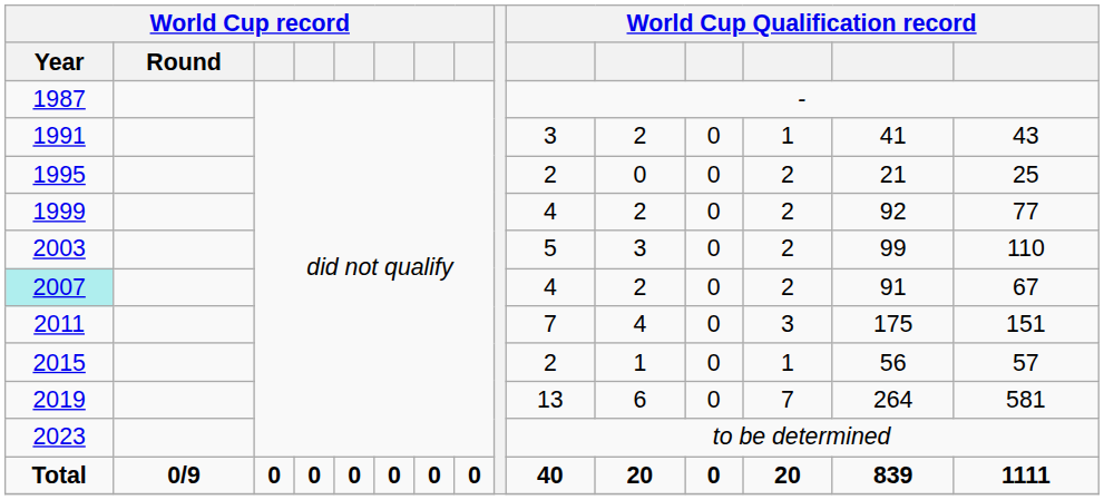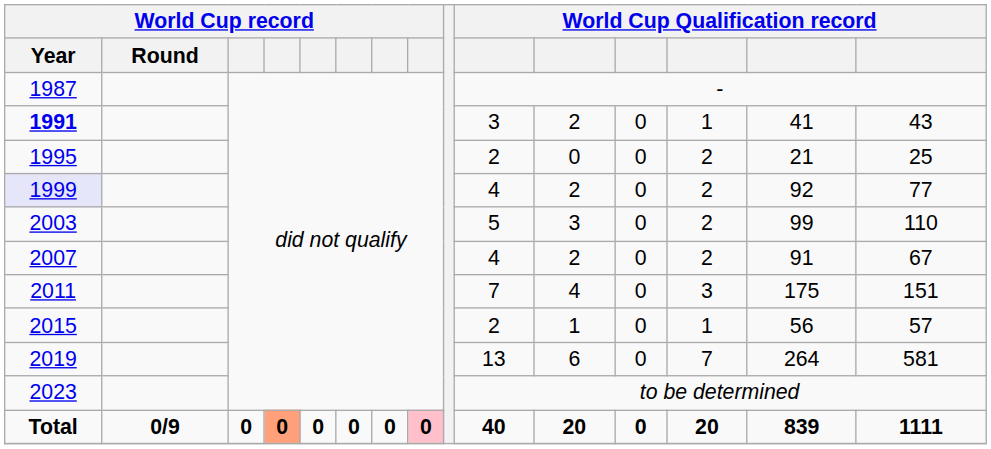 <table class="wikitable" style="text-align:center;">
 <tr>
 <th colspan=8><a href='#'>World Cup record</a></th>
 <th width=1% rowspan=25></th>
 <th colspan=6><a href='#'>World Cup Qualification record</a></th>
 </tr>
 <tr>
 <th>Year</th>
 <th>Round</th>
 <th></th>
 <th></th>
 <th></th>
 <th></th>
 <th></th>
 <th></th>
 <th></th>
 <th></th>
 <th></th>
 <th></th>
 <th></th>
 <th></th>
 </tr>
 <tr>
 <td> <a href='#'>1987</a></td>
 <td></td>
 <td rowspan=10 colspan=7><em>did not qualify</em></td>
 <td colspan=7><em>-</em></td>
 </tr>
 <tr>
-<td> <a href='#'>1991</a></td>
+<td><strong> <a href='#'>1991</a></strong></td>
 <td></td>
 <td>3</td>
 <td>2</td>
 <td>0</td>
 <td>1</td>
 <td>41</td>
 <td>43</td>
 </tr>
 <tr>
 <td> <a href='#'>1995</a></td>
 <td></td>
 <td>2</td>
 <td>0</td>
 <td>0</td>
 <td>2</td>
 <td>21</td>
 <td>25</td>
 </tr>
 <tr>
-<td> <a href='#'>1999</a></td>
+<td style="background: lavender;"> <a href='#'>1999</a></td>
 <td></td>
 <td>4</td>
 <td>2</td>
 <td>0</td>
 <td>2</td>
 <td>92</td>
 <td>77</td>
 </tr>
 <tr>
 <td> <a href='#'>2003</a></td>
 <td></td>
 <td>5</td>
 <td>3</td>
 <td>0</td>
 <td>2</td>
 <td>99</td>
 <td>110</td>
 </tr>
 <tr>
-<td style="background: paleturquoise;"> <a href='#'>2007</a></td>
+<td> <a href='#'>2007</a></td>
 <td></td>
 <td>4</td>
 <td>2</td>
 <td>0</td>
 <td>2</td>
 <td>91</td>
 <td>67</td>
 </tr>
 <tr>
 <td> <a href='#'>2011</a></td>
 <td></td>
 <td>7</td>
 <td>4</td>
 <td>0</td>
 <td>3</td>
 <td>175</td>
 <td>151</td>
 </tr>
 <tr>
 <td> <a href='#'>2015</a></td>
 <td></td>
 <td>2</td>
 <td>1</td>
 <td>0</td>
 <td>1</td>
 <td>56</td>
 <td>57</td>
 </tr>
 <tr>
 <td> <a href='#'>2019</a></td>
 <td></td>
 <td>13</td>
 <td>6</td>
 <td>0</td>
 <td>7</td>
 <td>264</td>
 <td>581</td>
 </tr>
 <tr>
 <td> <a href='#'>2023</a></td>
 <td></td>
 <td colspan=8><em>to be determined</em></td>
 </tr>
 <tr>
 <td><strong>Total</strong></td>
 <td><strong>0/9</strong></td>
 <td><strong>0</strong></td>
+<td style="background: lightsalmon;"><strong>0</strong></td>
 <td><strong>0</strong></td>
 <td><strong>0</strong></td>
 <td><strong>0</strong></td>
-<td><strong>0</strong></td>
-<td><strong>0</strong></td>
+<td style="background: pink;"><strong>0</strong></td>
 <td><strong>40</strong></td>
 <td><strong>20</strong></td>
 <td><strong>0</strong></td>
 <td><strong>20</strong></td>
 <td><strong>839</strong></td>
 <td><strong>1111</strong></td>
 </tr>
 <tr>
 </tr>
 </table>
